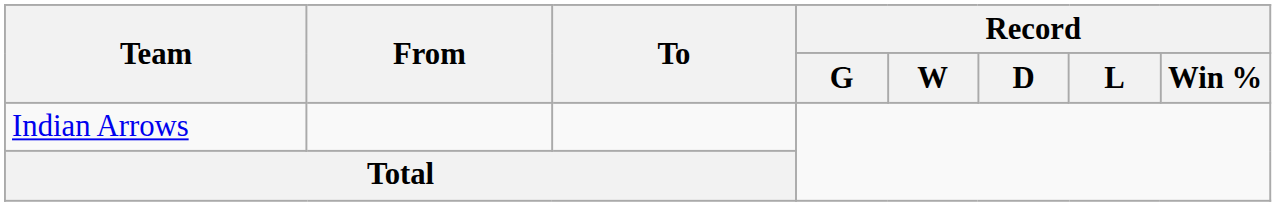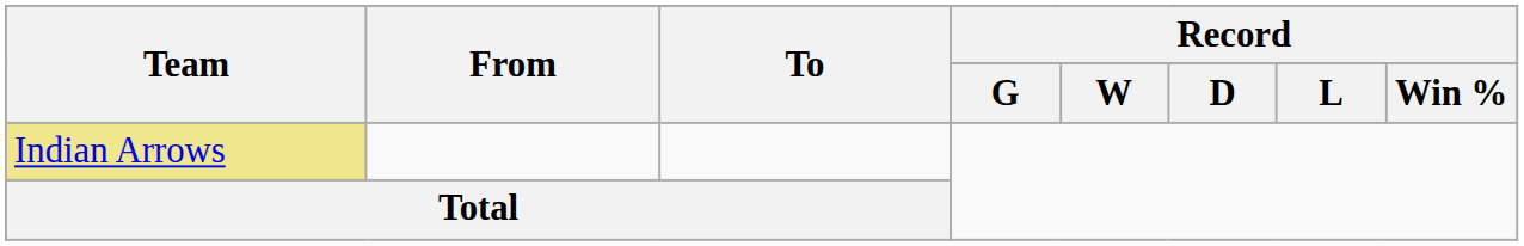 <table class="wikitable" style="text-align: center">
 <tr>
 <th rowspan=2! width=150>Team</th>
 <th rowspan=2! width=120>From</th>
 <th rowspan=2! width=120>To</th>
 <th colspan=7>Record</th>
 </tr>
 <tr>
 <th width=40>G</th>
 <th width=40>W</th>
 <th width=40>D</th>
 <th width=40>L</th>
 <th width=50>Win %</th>
 </tr>
 <tr>
-<td align=left> <a href='#'>Indian Arrows</a></td>
+<td align=left style="background: khaki;"> <a href='#'>Indian Arrows</a></td>
 <td align=left></td>
 <td align=left><br></td>
 </tr>
 <tr>
 <th colspan="3">Total<br></th>
 </tr>
 </table>
